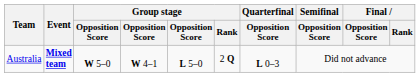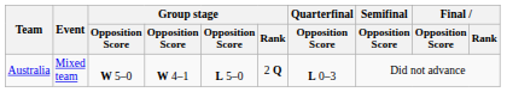 <table class=wikitable style=font-size:90%;text-align:center>
 <tr>
 <th rowspan=2>Team</th>
 <th rowspan=2>Event</th>
 <th colspan=4>Group stage</th>
 <th>Quarterfinal</th>
 <th>Semifinal</th>
 <th colspan=2>Final / </th>
 </tr>
 <tr style=font-size:95%>
 <th>Opposition<br>Score</th>
 <th>Opposition<br>Score</th>
 <th>Opposition<br>Score</th>
 <th>Rank</th>
 <th>Opposition<br>Score</th>
 <th>Opposition<br>Score</th>
 <th>Opposition<br>Score</th>
 <th>Rank</th>
 </tr>
 <tr>
 <td align=left><a href='#'>Australia</a></td>
-<td align=left><strong><a href='#'>Mixed team</a></strong></td>
+<td align=left><a href='#'>Mixed team</a></td>
 <td><br><strong>W</strong> 5–0</td>
 <td><br><strong>W</strong> 4–1</td>
 <td><br><strong>L</strong> 5–0</td>
 <td>2 <strong>Q</strong></td>
 <td><br><strong>L</strong> 0–3</td>
 <td colspan=3>Did not advance</td>
 </tr>
 </table>
